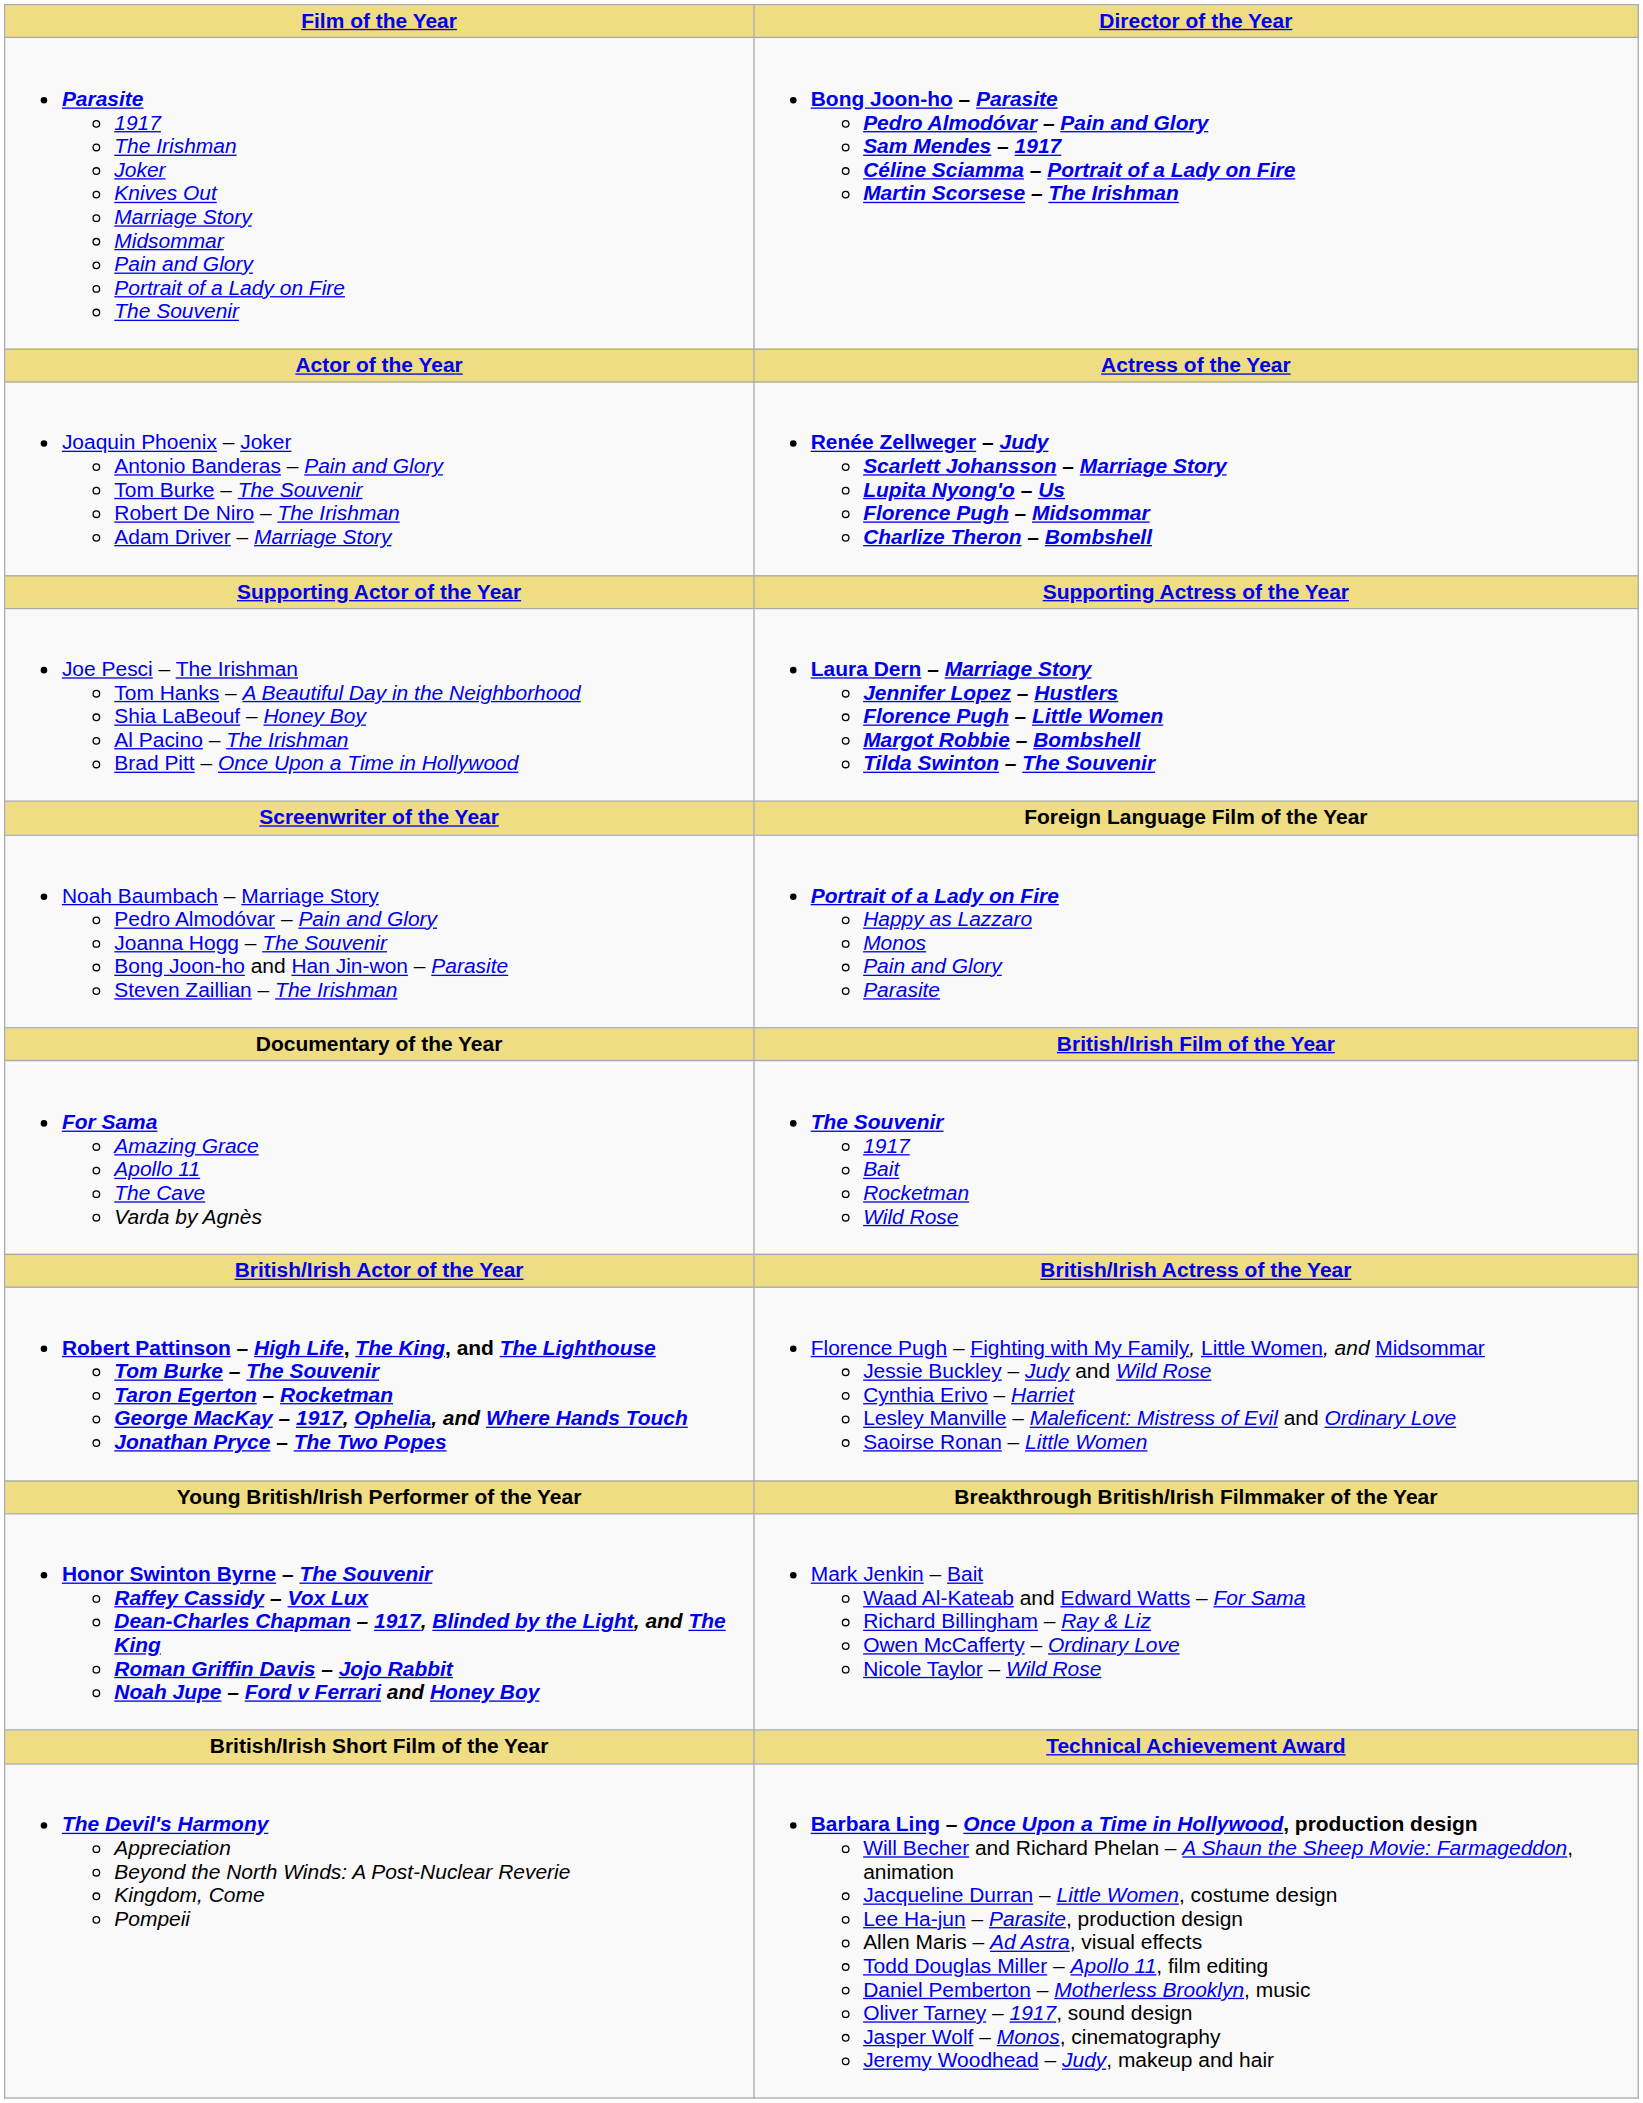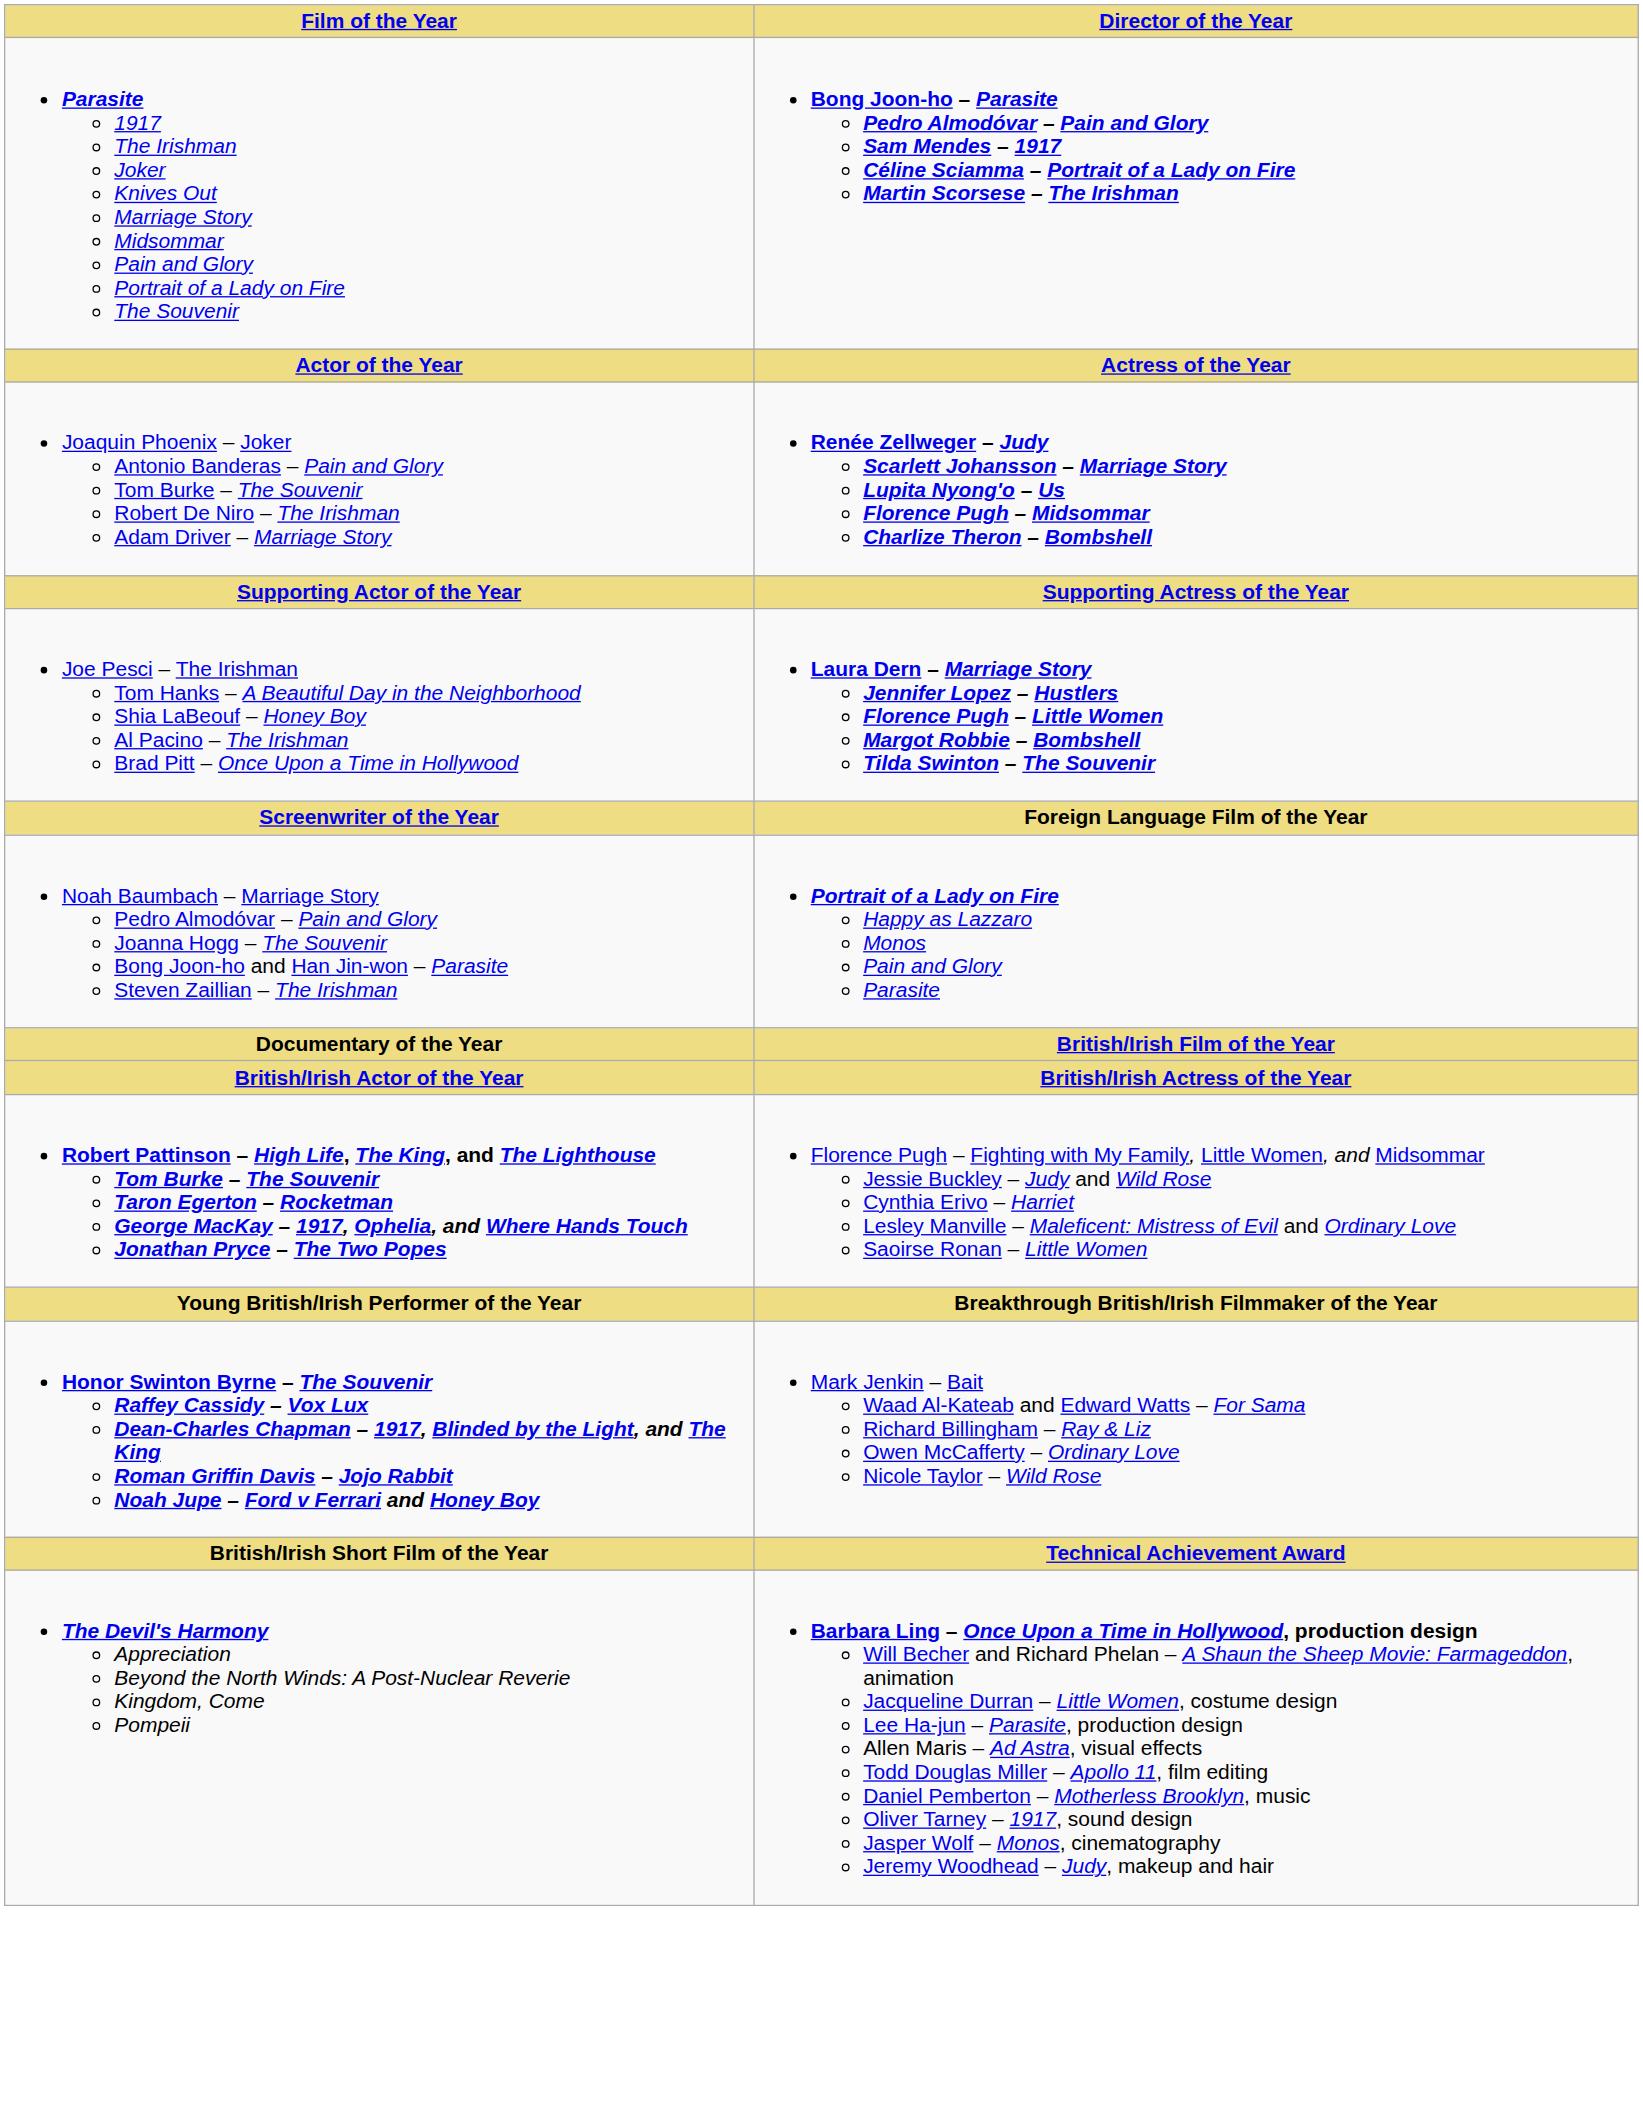 <table class="wikitable">
 <tr>
 <th style="background:#EEDD82;"><a href='#'>Film of the Year</a></th>
 <th style="background:#EEDD82;"><a href='#'>Director of the Year</a></th>
 </tr>
 <tr>
 <td valign="top"><br><ul><li><strong><em><a href='#'>Parasite</a></em></strong><ul><li><em><a href='#'>1917</a></em></li><li><em><a href='#'>The Irishman</a></em></li><li><em><a href='#'>Joker</a></em></li><li><em><a href='#'>Knives Out</a></em></li><li><em><a href='#'>Marriage Story</a></em></li><li><em><a href='#'>Midsommar</a></em></li><li><em><a href='#'>Pain and Glory</a></em></li><li><em><a href='#'>Portrait of a Lady on Fire</a></em></li><li><em><a href='#'>The Souvenir</a></em></li></ul></li></ul></td>
 <td valign="top"><br><ul><li><strong><a href='#'>Bong Joon-ho</a> – <em><a href='#'>Parasite</a><strong><em><ul><li><a href='#'>Pedro Almodóvar</a> – </em><a href='#'>Pain and Glory</a><em></li><li><a href='#'>Sam Mendes</a> – </em><a href='#'>1917</a><em></li><li><a href='#'>Céline Sciamma</a> – </em><a href='#'>Portrait of a Lady on Fire</a><em></li><li><a href='#'>Martin Scorsese</a> – </em><a href='#'>The Irishman</a><em></li></ul></li></ul></td>
 </tr>
 <tr>
 <th style="background:#EEDD82;"><a href='#'>Actor of the Year</a></th>
 <th style="background:#EEDD82;"><a href='#'>Actress of the Year</a></th>
 </tr>
 <tr>
 <td valign="top"><br><ul><li></strong><a href='#'>Joaquin Phoenix</a> – </em><a href='#'>Joker</a></em></strong><ul><li><a href='#'>Antonio Banderas</a> – <em><a href='#'>Pain and Glory</a></em></li><li><a href='#'>Tom Burke</a> – <em><a href='#'>The Souvenir</a></em></li><li><a href='#'>Robert De Niro</a> – <em><a href='#'>The Irishman</a></em></li><li><a href='#'>Adam Driver</a> – <em><a href='#'>Marriage Story</a></em></li></ul></li></ul></td>
 <td valign="top"><br><ul><li><strong><a href='#'>Renée Zellweger</a> – <em><a href='#'>Judy</a><strong><em><ul><li><a href='#'>Scarlett Johansson</a> – </em><a href='#'>Marriage Story</a><em></li><li><a href='#'>Lupita Nyong'o</a> – </em><a href='#'>Us</a><em></li><li><a href='#'>Florence Pugh</a> – </em><a href='#'>Midsommar</a><em></li><li><a href='#'>Charlize Theron</a> – </em><a href='#'>Bombshell</a><em></li></ul></li></ul></td>
 </tr>
 <tr>
 <th style="background:#EEDD82;"><a href='#'>Supporting Actor of the Year</a></th>
 <th style="background:#EEDD82;"><a href='#'>Supporting Actress of the Year</a></th>
 </tr>
 <tr>
 <td valign="top"><br><ul><li></strong><a href='#'>Joe Pesci</a> – </em><a href='#'>The Irishman</a></em></strong><ul><li><a href='#'>Tom Hanks</a> – <em><a href='#'>A Beautiful Day in the Neighborhood</a></em></li><li><a href='#'>Shia LaBeouf</a> – <em><a href='#'>Honey Boy</a></em></li><li><a href='#'>Al Pacino</a> – <em><a href='#'>The Irishman</a></em></li><li><a href='#'>Brad Pitt</a> – <em><a href='#'>Once Upon a Time in Hollywood</a></em></li></ul></li></ul></td>
 <td valign="top"><br><ul><li><strong><a href='#'>Laura Dern</a> – <em><a href='#'>Marriage Story</a><strong><em><ul><li><a href='#'>Jennifer Lopez</a> – </em><a href='#'>Hustlers</a><em></li><li><a href='#'>Florence Pugh</a> – </em><a href='#'>Little Women</a><em></li><li><a href='#'>Margot Robbie</a> – </em><a href='#'>Bombshell</a><em></li><li><a href='#'>Tilda Swinton</a> – </em><a href='#'>The Souvenir</a><em></li></ul></li></ul></td>
 </tr>
 <tr>
 <th style="background:#EEDD82;"><a href='#'>Screenwriter of the Year</a></th>
 <th style="background:#EEDD82;">Foreign Language Film of the Year</th>
 </tr>
 <tr>
 <td valign="top"><br><ul><li></strong><a href='#'>Noah Baumbach</a> – </em><a href='#'>Marriage Story</a></em></strong><ul><li><a href='#'>Pedro Almodóvar</a> – <em><a href='#'>Pain and Glory</a></em></li><li><a href='#'>Joanna Hogg</a> – <em><a href='#'>The Souvenir</a></em></li><li><a href='#'>Bong Joon-ho</a> and <a href='#'>Han Jin-won</a> – <em><a href='#'>Parasite</a></em></li><li><a href='#'>Steven Zaillian</a> – <em><a href='#'>The Irishman</a></em></li></ul></li></ul></td>
 <td valign="top"><br><ul><li><strong><em><a href='#'>Portrait of a Lady on Fire</a></em></strong><ul><li><em><a href='#'>Happy as Lazzaro</a></em></li><li><em><a href='#'>Monos</a></em></li><li><em><a href='#'>Pain and Glory</a></em></li><li><em><a href='#'>Parasite</a></em></li></ul></li></ul></td>
 </tr>
 <tr>
 <th style="background:#EEDD82;">Documentary of the Year</th>
 <th style="background:#EEDD82;"><a href='#'>British/Irish Film of the Year</a></th>
 </tr>
 <tr>
-<td valign="top"><br><ul><li><strong><em><a href='#'>For Sama</a></em></strong><ul><li><em><a href='#'>Amazing Grace</a></em></li><li><em><a href='#'>Apollo 11</a></em></li><li><em><a href='#'>The Cave</a></em></li><li><em>Varda by Agnès</em></li></ul></li></ul></td>
-<td valign="top"><br><ul><li><strong><em><a href='#'>The Souvenir</a></em></strong><ul><li><em><a href='#'>1917</a></em></li><li><em><a href='#'>Bait</a></em></li><li><em><a href='#'>Rocketman</a></em></li><li><em><a href='#'>Wild Rose</a></em></li></ul></li></ul></td>
-</tr>
-<tr>
 <th style="background:#EEDD82;"><a href='#'>British/Irish Actor of the Year</a></th>
 <th style="background:#EEDD82;"><a href='#'>British/Irish Actress of the Year</a></th>
 </tr>
 <tr>
 <td valign="top"><br><ul><li><strong><a href='#'>Robert Pattinson</a> – <em><a href='#'>High Life</a></em>, <em><a href='#'>The King</a></em>, and <em><a href='#'>The Lighthouse</a><strong><em><ul><li><a href='#'>Tom Burke</a> – </em><a href='#'>The Souvenir</a><em></li><li><a href='#'>Taron Egerton</a> – </em><a href='#'>Rocketman</a><em></li><li><a href='#'>George MacKay</a> – </em><a href='#'>1917</a><em>, </em><a href='#'>Ophelia</a><em>, and </em><a href='#'>Where Hands Touch</a><em></li><li><a href='#'>Jonathan Pryce</a> – </em><a href='#'>The Two Popes</a><em></li></ul></li></ul></td>
 <td valign="top"><br><ul><li></strong><a href='#'>Florence Pugh</a> – </em><a href='#'>Fighting with My Family</a><em>, </em><a href='#'>Little Women</a><em>, and </em><a href='#'>Midsommar</a></em></strong><ul><li><a href='#'>Jessie Buckley</a> – <em><a href='#'>Judy</a></em> and <em><a href='#'>Wild Rose</a></em></li><li><a href='#'>Cynthia Erivo</a> – <em><a href='#'>Harriet</a></em></li><li><a href='#'>Lesley Manville</a> – <em><a href='#'>Maleficent: Mistress of Evil</a></em> and <em><a href='#'>Ordinary Love</a></em></li><li><a href='#'>Saoirse Ronan</a> – <em><a href='#'>Little Women</a></em></li></ul></li></ul></td>
 </tr>
 <tr>
 <th style="background:#EEDD82;">Young British/Irish Performer of the Year</th>
 <th style="background:#EEDD82;">Breakthrough British/Irish Filmmaker of the Year</th>
 </tr>
 <tr>
 <td valign="top"><br><ul><li><strong><a href='#'>Honor Swinton Byrne</a> – <em><a href='#'>The Souvenir</a><strong><em><ul><li><a href='#'>Raffey Cassidy</a> – </em><a href='#'>Vox Lux</a><em></li><li><a href='#'>Dean-Charles Chapman</a> – </em><a href='#'>1917</a><em>, </em><a href='#'>Blinded by the Light</a><em>, and </em><a href='#'>The King</a><em></li><li><a href='#'>Roman Griffin Davis</a> – </em><a href='#'>Jojo Rabbit</a><em></li><li><a href='#'>Noah Jupe</a> – </em><a href='#'>Ford v Ferrari</a><em> and </em><a href='#'>Honey Boy</a><em></li></ul></li></ul></td>
 <td valign="top"><br><ul><li></strong><a href='#'>Mark Jenkin</a> – </em><a href='#'>Bait</a></em></strong><ul><li><a href='#'>Waad Al-Kateab</a> and <a href='#'>Edward Watts</a> – <em><a href='#'>For Sama</a></em></li><li><a href='#'>Richard Billingham</a> – <em><a href='#'>Ray & Liz</a></em></li><li><a href='#'>Owen McCafferty</a> – <em><a href='#'>Ordinary Love</a></em></li><li><a href='#'>Nicole Taylor</a> – <em><a href='#'>Wild Rose</a></em></li></ul></li></ul></td>
 </tr>
 <tr>
 <th style="background:#EEDD82;">British/Irish Short Film of the Year</th>
 <th style="background:#EEDD82;"><a href='#'>Technical Achievement Award</a></th>
 </tr>
 <tr>
 <td valign="top"><br><ul><li><strong><em><a href='#'>The Devil's Harmony</a></em></strong><ul><li><em>Appreciation</em></li><li><em>Beyond the North Winds: A Post-Nuclear Reverie</em></li><li><em>Kingdom, Come</em></li><li><em>Pompeii</em></li></ul></li></ul></td>
 <td valign="top"><br><ul><li><strong><a href='#'>Barbara Ling</a> – <em><a href='#'>Once Upon a Time in Hollywood</a></em>, production design</strong><ul><li><a href='#'>Will Becher</a> and Richard Phelan – <em><a href='#'>A Shaun the Sheep Movie: Farmageddon</a></em>, animation</li><li><a href='#'>Jacqueline Durran</a> – <em><a href='#'>Little Women</a></em>, costume design</li><li><a href='#'>Lee Ha-jun</a> – <em><a href='#'>Parasite</a></em>, production design</li><li>Allen Maris – <em><a href='#'>Ad Astra</a></em>, visual effects</li><li><a href='#'>Todd Douglas Miller</a> – <em><a href='#'>Apollo 11</a></em>, film editing</li><li><a href='#'>Daniel Pemberton</a> – <em><a href='#'>Motherless Brooklyn</a></em>, music</li><li><a href='#'>Oliver Tarney</a> – <em><a href='#'>1917</a></em>, sound design</li><li><a href='#'>Jasper Wolf</a> – <em><a href='#'>Monos</a></em>, cinematography</li><li><a href='#'>Jeremy Woodhead</a> – <em><a href='#'>Judy</a></em>, makeup and hair</li></ul></li></ul></td>
 </tr>
 </table>
